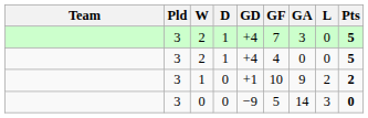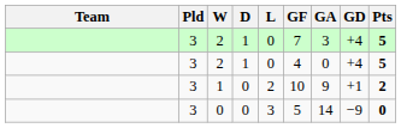 <table class="wikitable" style="text-align:center;">
 <tr>
 <th width=180>Team</th>
 <th width=20>Pld</th>
 <th width=20>W</th>
 <th width=20>D</th>
-<th width=20>GD</th>
+<th width=20>L</th>
 <th width=20>GF</th>
 <th width=20>GA</th>
-<th width=20>L</th>
+<th width=20>GD</th>
 <th width=20>Pts</th>
 </tr>
 <tr bgcolor="ccffcc">
 <td align="left"></td>
 <td>3</td>
 <td>2</td>
 <td>1</td>
-<td>+4</td>
+<td>0</td>
 <td>7</td>
 <td>3</td>
-<td>0</td>
+<td>+4</td>
 <td><strong>5</strong></td>
 </tr>
 <tr>
 <td align="left"></td>
 <td>3</td>
 <td>2</td>
 <td>1</td>
-<td>+4</td>
+<td>0</td>
 <td>4</td>
 <td>0</td>
-<td>0</td>
+<td>+4</td>
 <td><strong>5</strong></td>
 </tr>
 <tr>
 <td align="left"></td>
 <td>3</td>
 <td>1</td>
 <td>0</td>
-<td>+1</td>
+<td>2</td>
 <td>10</td>
 <td>9</td>
-<td>2</td>
+<td>+1</td>
 <td><strong>2</strong></td>
 </tr>
 <tr>
 <td align="left"></td>
 <td>3</td>
 <td>0</td>
 <td>0</td>
-<td>−9</td>
+<td>3</td>
 <td>5</td>
 <td>14</td>
-<td>3</td>
+<td>−9</td>
 <td><strong>0</strong></td>
 </tr>
 </table>
